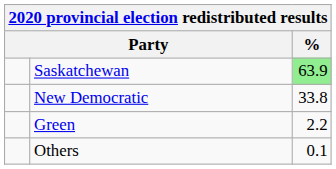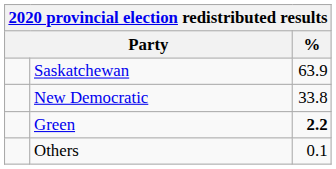 <table class="wikitable">
 <tr>
 <th colspan="4"><a href='#'>2020 provincial election</a> redistributed results</th>
 </tr>
 <tr>
 <th bgcolor="#DDDDFF" width="130px" colspan="2">Party</th>
 <th bgcolor="#DDDDFF" width="30px">%</th>
 </tr>
 <tr>
 <td> </td>
 <td><a href='#'>Saskatchewan</a></td>
-<td align=right style="background: lightgreen;">63.9</td>
+<td align=right>63.9</td>
 </tr>
 <tr>
 <td> </td>
 <td><a href='#'>New Democratic</a></td>
 <td align=right>33.8</td>
 </tr>
 <tr>
 <td> </td>
 <td><a href='#'>Green</a></td>
-<td align=right>2.2</td>
+<td align=right><strong>2.2</strong></td>
 </tr>
 <tr>
 <td> </td>
 <td>Others</td>
 <td align=right>0.1</td>
 </tr>
 </table>
